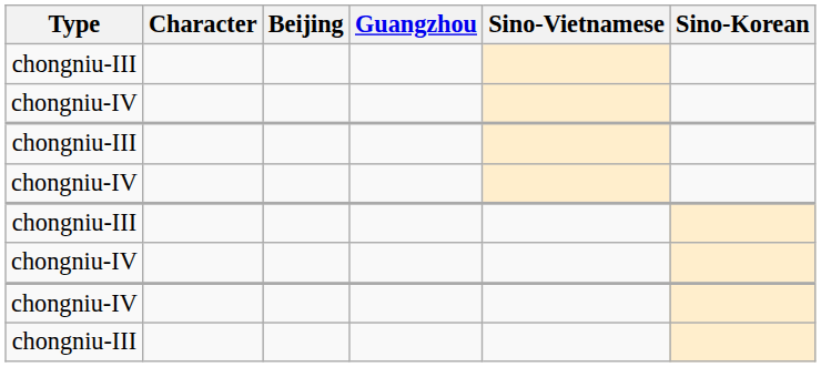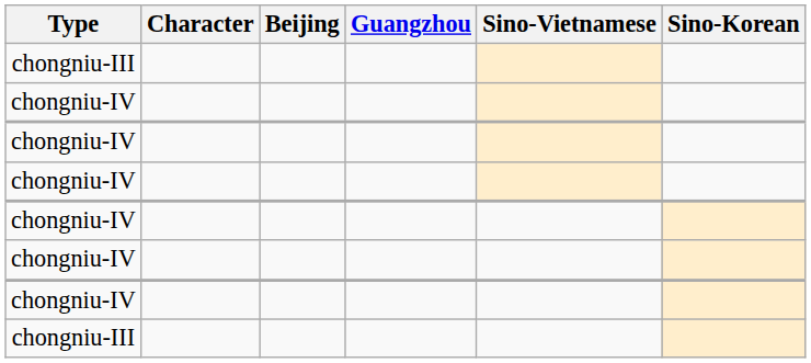 <table class="wikitable" style="margin: 1em auto 1em auto; text-align: center;">
 <tr>
 <th>Type</th>
 <th>Character</th>
 <th>Beijing</th>
 <th><a href='#'>Guangzhou</a></th>
 <th>Sino-Vietnamese</th>
 <th>Sino-Korean</th>
 </tr>
 <tr>
 <td>chongniu-III</td>
 <td></td>
 <td></td>
 <td></td>
 <td style="background-color:#fec"></td>
 <td></td>
 </tr>
 <tr>
 <td>chongniu-IV</td>
 <td></td>
 <td></td>
 <td></td>
 <td style="background-color:#fec"></td>
 <td></td>
 </tr>
 <tr style="border-top: 2px solid #aaa;">
-<td>chongniu-III</td>
+<td>chongniu-IV</td>
 <td></td>
 <td></td>
 <td></td>
 <td style="background-color:#fec"></td>
 <td></td>
 </tr>
 <tr>
 <td>chongniu-IV</td>
 <td></td>
 <td></td>
 <td></td>
 <td style="background-color:#fec"></td>
 <td></td>
 </tr>
 <tr style="border-top: 2px solid #aaa;">
-<td>chongniu-III</td>
+<td>chongniu-IV</td>
 <td></td>
 <td></td>
 <td></td>
 <td></td>
 <td style="background-color:#fec"></td>
 </tr>
 <tr>
 <td>chongniu-IV</td>
 <td></td>
 <td></td>
 <td></td>
 <td></td>
 <td style="background-color:#fec"></td>
 </tr>
 <tr style="border-top: 2px solid #aaa;">
 <td>chongniu-IV</td>
 <td></td>
 <td></td>
 <td></td>
 <td></td>
 <td style="background-color:#fec"></td>
 </tr>
 <tr>
 <td>chongniu-III</td>
 <td></td>
 <td></td>
 <td></td>
 <td></td>
 <td style="background-color:#fec"></td>
 </tr>
 </table>
